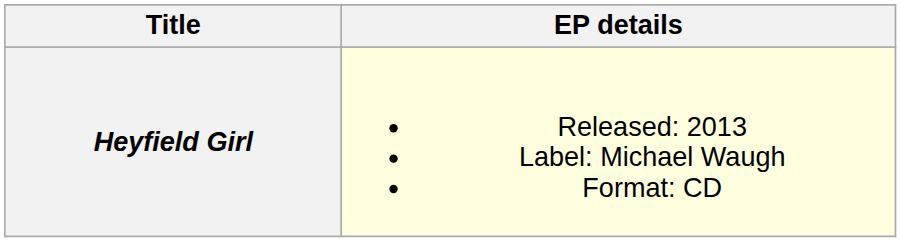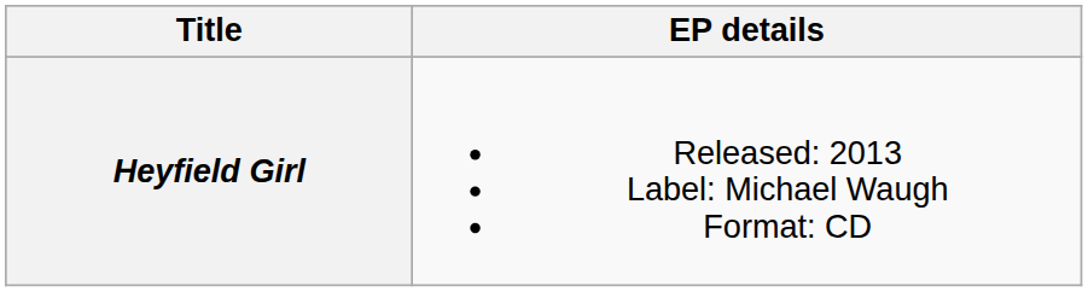 <table class="wikitable plainrowheaders" style="text-align:center">
 <tr>
 <th scope="col" rowspan="1" style="width:12em;">Title</th>
 <th scope="col" rowspan="1" style="width:20em;">EP details</th>
 </tr>
 <tr>
 <th scope="row"><em>Heyfield Girl</em></th>
-<td style="background: lightyellow;"><br><ul><li>Released: 2013</li><li>Label: Michael Waugh</li><li>Format: CD</li></ul></td>
+<td><br><ul><li>Released: 2013</li><li>Label: Michael Waugh</li><li>Format: CD</li></ul></td>
 </tr>
 </table>
